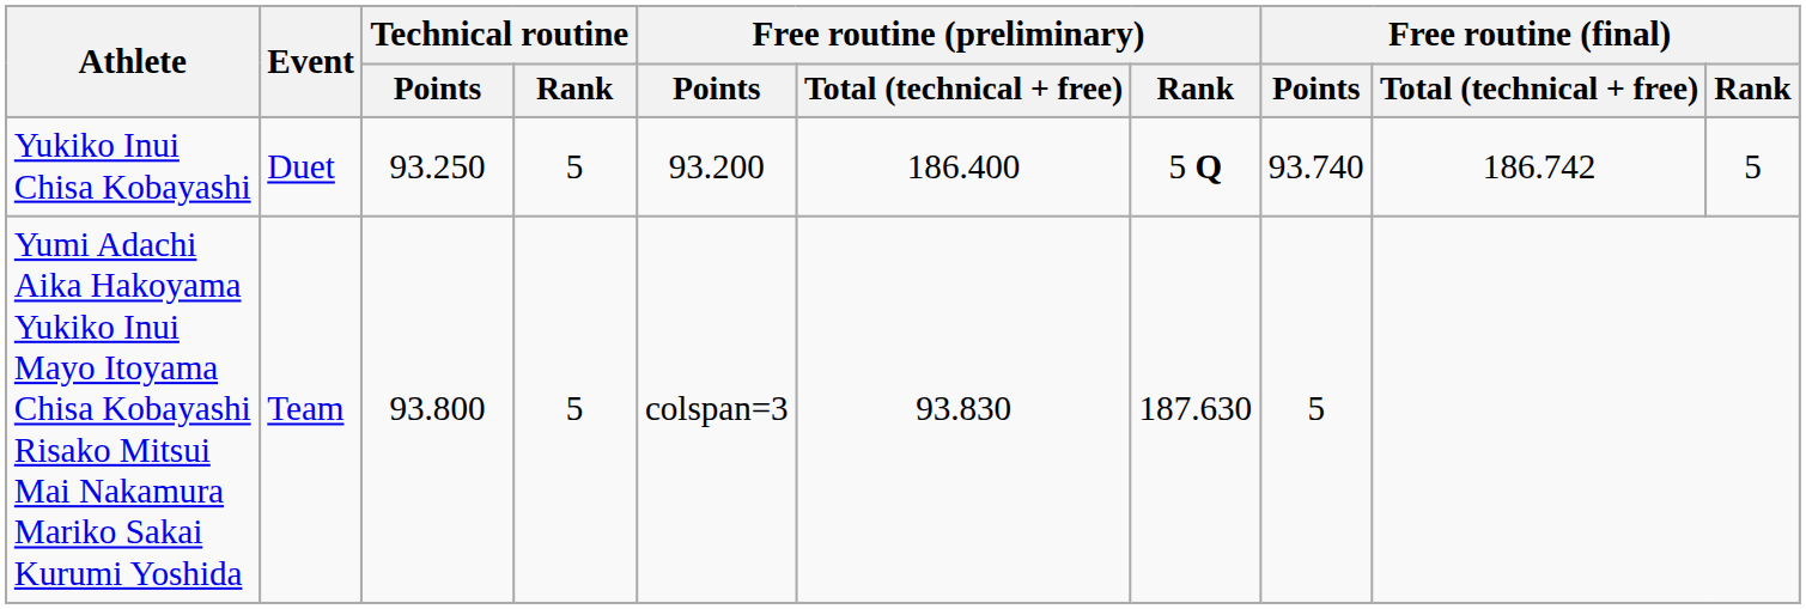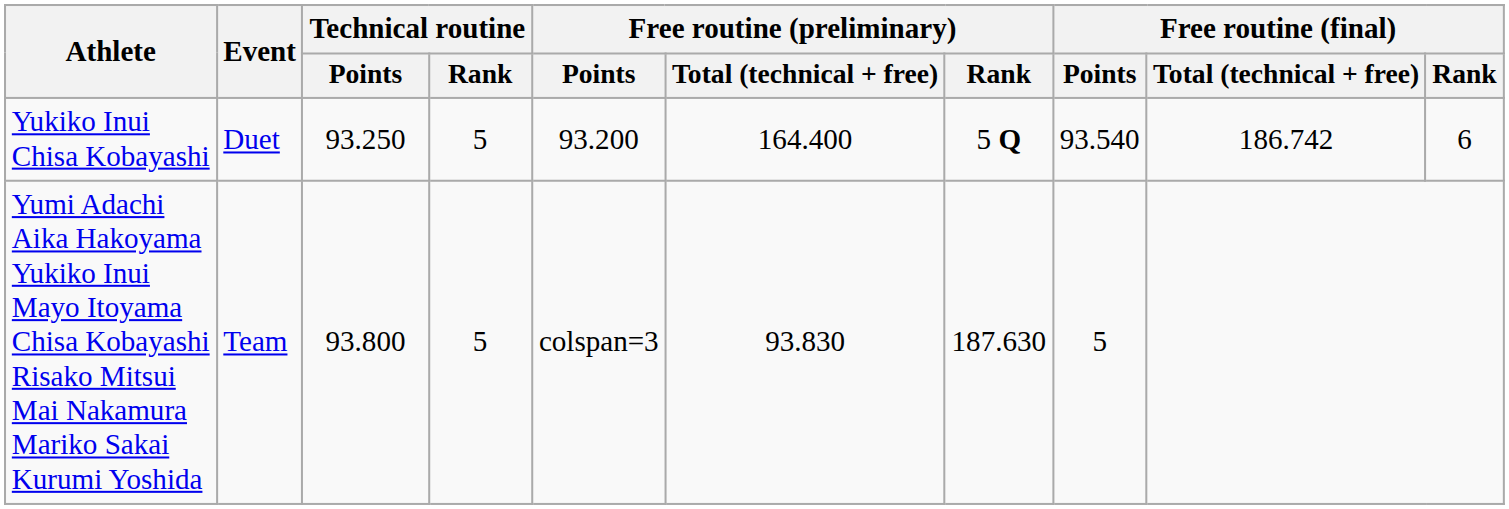 <table class="wikitable" style="font-size:90%">
 <tr>
 <th rowspan="2">Athlete</th>
 <th rowspan="2">Event</th>
 <th colspan=2>Technical routine</th>
 <th colspan=3>Free routine (preliminary)</th>
 <th colspan=3>Free routine (final)</th>
 </tr>
 <tr style="font-size:95%">
 <th>Points</th>
 <th>Rank</th>
 <th>Points</th>
 <th>Total (technical + free)</th>
 <th>Rank</th>
 <th>Points</th>
 <th>Total (technical + free)</th>
 <th>Rank</th>
 </tr>
 <tr align=center>
 <td align=left><a href='#'>Yukiko Inui</a><br><a href='#'>Chisa Kobayashi</a></td>
 <td align=left><a href='#'>Duet</a></td>
 <td>93.250</td>
 <td>5</td>
 <td>93.200</td>
-<td>186.400</td>
+<td>164.400</td>
 <td>5 <strong>Q</strong></td>
-<td>93.740</td>
+<td>93.540</td>
 <td>186.742</td>
-<td>5</td>
+<td>6</td>
 </tr>
 <tr align=center>
 <td align=left><a href='#'>Yumi Adachi</a><br><a href='#'>Aika Hakoyama</a><br><a href='#'>Yukiko Inui</a><br><a href='#'>Mayo Itoyama</a><br><a href='#'>Chisa Kobayashi</a><br><a href='#'>Risako Mitsui</a><br><a href='#'>Mai Nakamura</a><br><a href='#'>Mariko Sakai</a><br><a href='#'>Kurumi Yoshida</a></td>
 <td align=left><a href='#'>Team</a></td>
 <td>93.800</td>
 <td>5</td>
 <td>colspan=3 </td>
 <td>93.830</td>
 <td>187.630</td>
 <td>5</td>
 </tr>
 </table>
